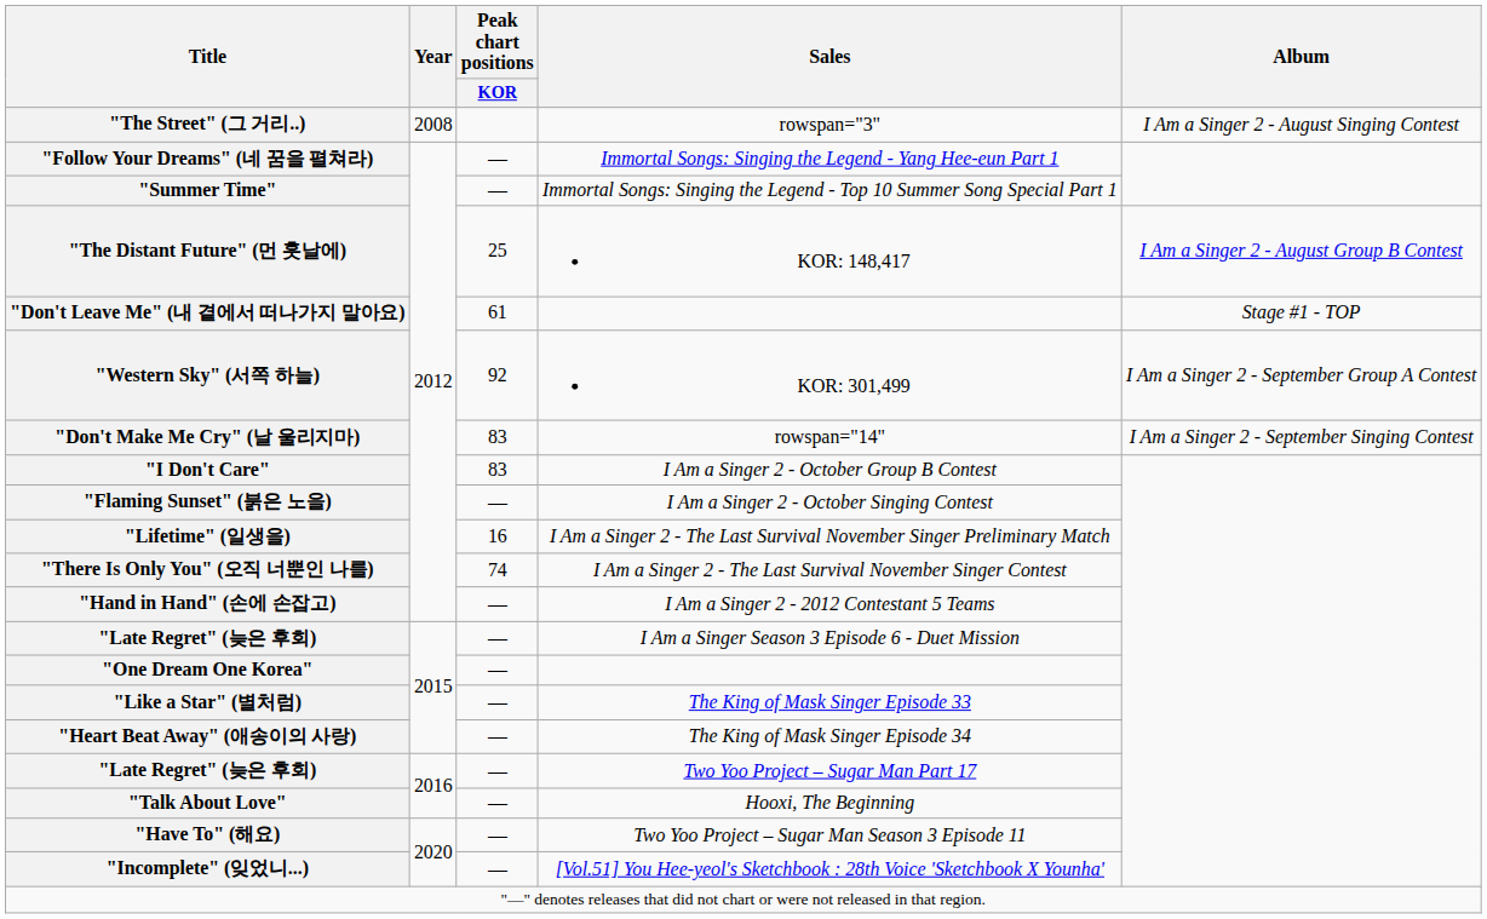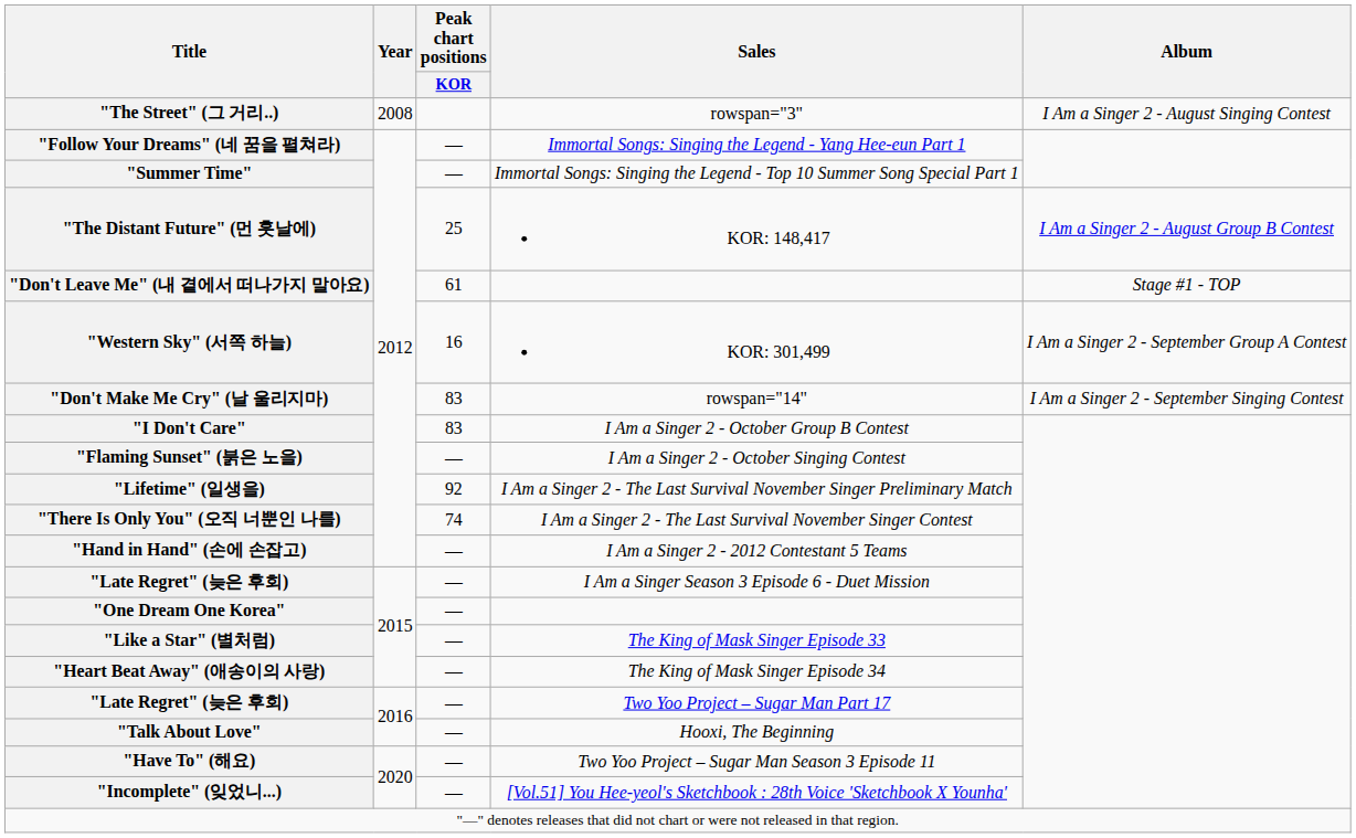 <table class="wikitable plainrowheaders" style="text-align:center;">
 <tr>
 <th scope="col" rowspan="2">Title</th>
 <th scope="col" rowspan="2">Year</th>
 <th scope="col" colspan="1">Peak chart positions</th>
 <th scope="col" rowspan="2">Sales</th>
 <th scope="col" rowspan="2">Album</th>
 </tr>
 <tr>
 <th scope="col" style="width:3em;font-size:90%;"><a href='#'>KOR</a><br></th>
 </tr>
 <tr>
 <th scope="row">"The Street" (그 거리..)</th>
 <td>2008</td>
 <td></td>
 <td>rowspan="3" </td>
 <td><em>I Am a Singer 2 - August Singing Contest</em></td>
 </tr>
 <tr>
 <th scope="row">"Follow Your Dreams" (네 꿈을 펼쳐라)</th>
 <td rowspan="11">2012</td>
 <td>—</td>
 <td><em><a href='#'>Immortal Songs: Singing the Legend - Yang Hee-eun Part 1</a></em></td>
 </tr>
 <tr>
 <th scope="row">"Summer Time"</th>
 <td>—</td>
 <td><em>Immortal Songs: Singing the Legend - Top 10 Summer Song Special Part 1</em></td>
 </tr>
 <tr>
 <th scope="row">"The Distant Future" (먼 훗날에)<br></th>
 <td>25</td>
 <td><br><ul><li>KOR: 148,417</li></ul></td>
 <td><em><a href='#'>I Am a Singer 2 - August Group B Contest</a></em></td>
 </tr>
 <tr>
 <th scope="row">"Don't Leave Me" (내 곁에서 떠나가지 말아요)<br></th>
 <td>61</td>
 <td></td>
 <td><em>Stage #1 - TOP</em></td>
 </tr>
 <tr>
 <th scope="row">"Western Sky" (서쪽 하늘)<br></th>
-<td>92</td>
+<td>16</td>
 <td><br><ul><li>KOR: 301,499</li></ul></td>
 <td><em>I Am a Singer 2 - September Group A Contest</em></td>
 </tr>
 <tr>
 <th scope="row">"Don't Make Me Cry" (날 울리지마)<br></th>
 <td>83</td>
 <td>rowspan="14" </td>
 <td><em>I Am a Singer 2 - September Singing Contest</em></td>
 </tr>
 <tr>
 <th scope="row">"I Don't Care"<br></th>
 <td>83</td>
 <td><em>I Am a Singer 2 - October Group B Contest</em></td>
 </tr>
 <tr>
 <th scope="row">"Flaming Sunset" (붉은 노을)<br></th>
 <td>—</td>
 <td><em>I Am a Singer 2 - October Singing Contest</em></td>
 </tr>
 <tr>
 <th scope="row">"Lifetime" (일생을)<br></th>
-<td>16</td>
+<td>92</td>
 <td><em>I Am a Singer 2 - The Last Survival November Singer Preliminary Match</em></td>
 </tr>
 <tr>
 <th scope="row">"There Is Only You" (오직 너뿐인 나를)<br></th>
 <td>74</td>
 <td><em>I Am a Singer 2 - The Last Survival November Singer Contest</em></td>
 </tr>
 <tr>
 <th scope="row">"Hand in Hand" (손에 손잡고)<br></th>
 <td>—</td>
 <td><em>I Am a Singer 2 - 2012 Contestant 5 Teams</em></td>
 </tr>
 <tr>
 <th scope="row">"Late Regret" (늦은 후회)<br></th>
 <td rowspan="4">2015</td>
 <td>—</td>
 <td><em>I Am a Singer Season 3 Episode 6 - Duet Mission</em></td>
 </tr>
 <tr>
 <th scope="row">"One Dream One Korea"<br></th>
 <td>—</td>
 <td></td>
 </tr>
 <tr>
 <th scope="row">"Like a Star" (별처럼)<br></th>
 <td>—</td>
 <td><em><a href='#'>The King of Mask Singer Episode 33</a></em></td>
 </tr>
 <tr>
 <th scope="row">"Heart Beat Away" (애송이의 사랑)</th>
 <td>—</td>
 <td><em>The King of Mask Singer Episode 34</em></td>
 </tr>
 <tr>
 <th scope="row">"Late Regret" (늦은 후회) </th>
 <td rowspan="2">2016</td>
 <td>—</td>
 <td><em><a href='#'>Two Yoo Project – Sugar Man Part 17</a></em></td>
 </tr>
 <tr>
 <th scope="row">"Talk About Love"<br></th>
 <td>—</td>
 <td><em>Hooxi, The Beginning</em></td>
 </tr>
 <tr>
 <th scope="row">"Have To" (해요)</th>
 <td rowspan="2">2020</td>
 <td>—</td>
 <td><em>Two Yoo Project – Sugar Man Season 3 Episode 11</em></td>
 </tr>
 <tr>
 <th scope="row">"Incomplete" (잊었니...)</th>
 <td>—</td>
 <td><em><a href='#'>[Vol.51] You Hee-yeol's Sketchbook :  28th Voice 'Sketchbook X Younha'</a></em></td>
 </tr>
 <tr>
 <td colspan="6" style="text-align:center; font-size:85%;">"—" denotes releases that did not chart or were not released in that region.</td>
 </tr>
 </table>
